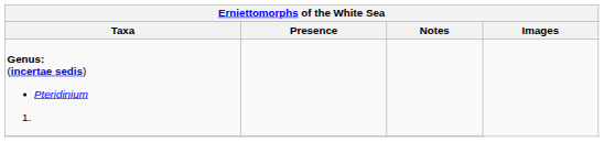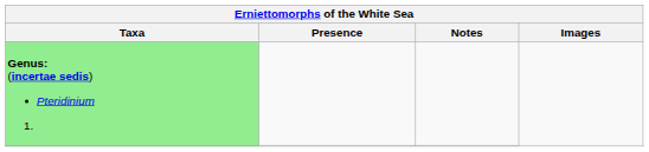 <table class="wikitable" align="center" width="100%">
 <tr>
 <th colspan="5" align="center"><strong><a href='#'>Erniettomorphs</a> of the White Sea</strong></th>
 </tr>
 <tr>
 <th>Taxa</th>
 <th>Presence</th>
 <th>Notes</th>
 <th>Images</th>
 </tr>
 <tr>
-<td><br><strong>Genus:</strong><br>(<strong><a href='#'>incertae sedis</a></strong>)<ul><li><em><a href='#'>Pteridinium</a></em></li></ul><ol><li></li></ol></td>
+<td style="background: lightgreen;"><br><strong>Genus:</strong><br>(<strong><a href='#'>incertae sedis</a></strong>)<ul><li><em><a href='#'>Pteridinium</a></em></li></ul><ol><li></li></ol></td>
 <td></td>
 <td></td>
 <td rowspan="99"><br></td>
 </tr>
 <tr>
 </tr>
 </table>
